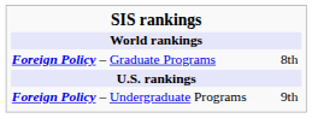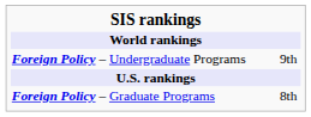 <table class="infobox" style="width: 22em;">
 <tr>
 <th colspan="2" style="font-size: 100%; text-align: center;"><big>SIS rankings</big></th>
 </tr>
 <tr>
 <th colspan="2" style="font-size: 100%; text-align: center; background-color:#E6E6FA">World rankings</th>
 </tr>
 <tr>
-<td><strong><em><a href='#'>Foreign Policy</a></em></strong> – <a href='#'>Graduate Programs</a></td>
-<td>8th</td>
+<td><strong><em><a href='#'>Foreign Policy</a></em></strong> – <a href='#'>Undergraduate</a> Programs</td>
+<td>9th</td>
 </tr>
 <tr>
 <th colspan="2" style="font-size: 100%; text-align: center; background-color:#E6E6FA">U.S. rankings</th>
 </tr>
 <tr>
-<td><strong><em><a href='#'>Foreign Policy</a></em></strong> – <a href='#'>Undergraduate</a> Programs</td>
-<td>9th</td>
+<td><strong><em><a href='#'>Foreign Policy</a></em></strong> – <a href='#'>Graduate Programs</a></td>
+<td>8th</td>
 </tr>
 <tr>
 </tr>
 </table>
